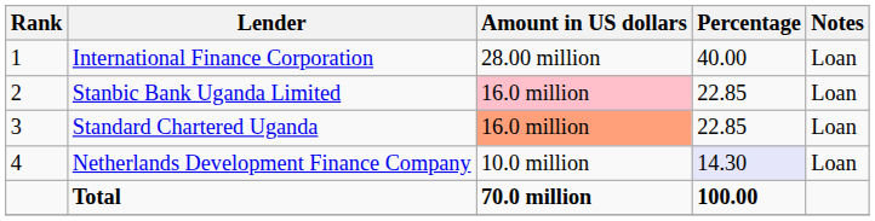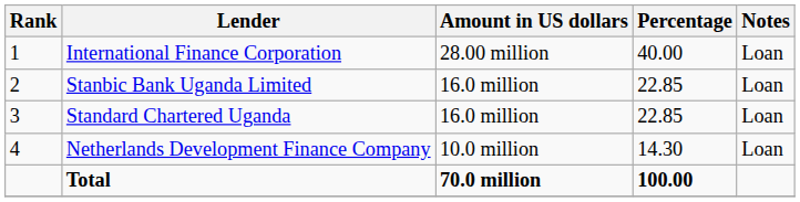 <table class="wikitable sortable" style="margin: 0.5em auto">
 <tr>
 <th>Rank</th>
 <th>Lender</th>
 <th>Amount in US dollars</th>
 <th>Percentage</th>
 <th>Notes</th>
 </tr>
 <tr>
 <td>1</td>
 <td><a href='#'>International Finance Corporation</a></td>
 <td>28.00 million</td>
 <td>40.00</td>
 <td>Loan</td>
 </tr>
 <tr>
 <td>2</td>
 <td><a href='#'>Stanbic Bank Uganda Limited</a></td>
-<td style="background: pink;">16.0 million</td>
+<td>16.0 million</td>
 <td>22.85</td>
 <td>Loan</td>
 </tr>
 <tr>
 <td>3</td>
 <td><a href='#'>Standard Chartered Uganda</a></td>
-<td style="background: lightsalmon;">16.0 million</td>
+<td>16.0 million</td>
 <td>22.85</td>
 <td>Loan</td>
 </tr>
 <tr>
 <td>4</td>
 <td><a href='#'>Netherlands Development Finance Company</a></td>
 <td>10.0 million</td>
-<td style="background: lavender;">14.30</td>
+<td>14.30</td>
 <td>Loan</td>
 </tr>
 <tr>
 <td></td>
 <td><strong>Total</strong></td>
 <td><strong>70.0 million</strong></td>
 <td><strong>100.00</strong></td>
 <td></td>
 </tr>
 <tr>
 </tr>
 </table>
